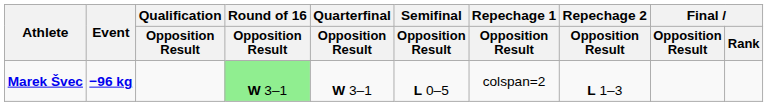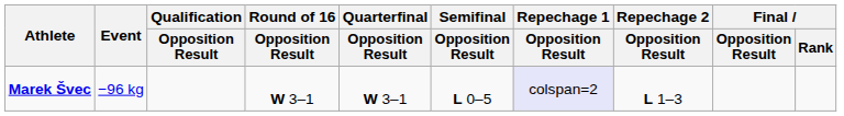 <table class="wikitable" style="font-size:90%">
 <tr>
 <th rowspan="2">Athlete</th>
 <th rowspan="2">Event</th>
 <th>Qualification</th>
 <th>Round of 16</th>
 <th>Quarterfinal</th>
 <th>Semifinal</th>
 <th>Repechage 1</th>
 <th>Repechage 2</th>
 <th colspan=2>Final / </th>
 </tr>
 <tr style="font-size: 95%">
 <th>Opposition<br>Result</th>
 <th>Opposition<br>Result</th>
 <th>Opposition<br>Result</th>
 <th>Opposition<br>Result</th>
 <th>Opposition<br>Result</th>
 <th>Opposition<br>Result</th>
 <th>Opposition<br>Result</th>
 <th>Rank</th>
 </tr>
 <tr align=center>
 <td align=left><strong><a href='#'>Marek Švec</a></strong></td>
-<td align=left><strong><a href='#'>−96 kg</a></strong></td>
+<td align=left><a href='#'>−96 kg</a></td>
 <td></td>
-<td style="background: lightgreen;"><br><strong>W</strong> 3–1 <sup></sup></td>
+<td><br><strong>W</strong> 3–1 <sup></sup></td>
 <td><br><strong>W</strong> 3–1 <sup></sup></td>
 <td><br><strong>L</strong> 0–5 <sup></sup></td>
-<td>colspan=2 </td>
+<td style="background: lavender;">colspan=2 </td>
 <td><br><strong>L</strong> 1–3 <sup></sup></td>
 <td></td>
 </tr>
 </table>
